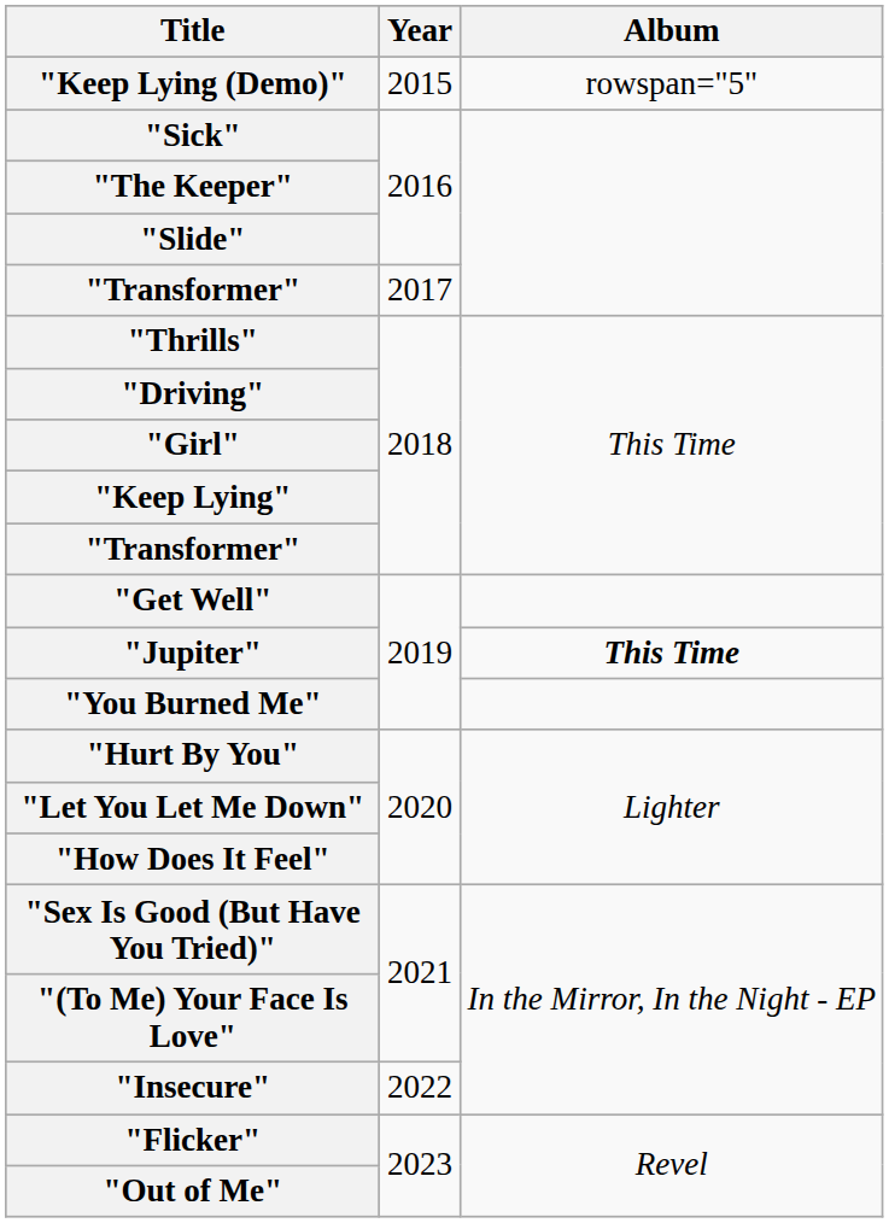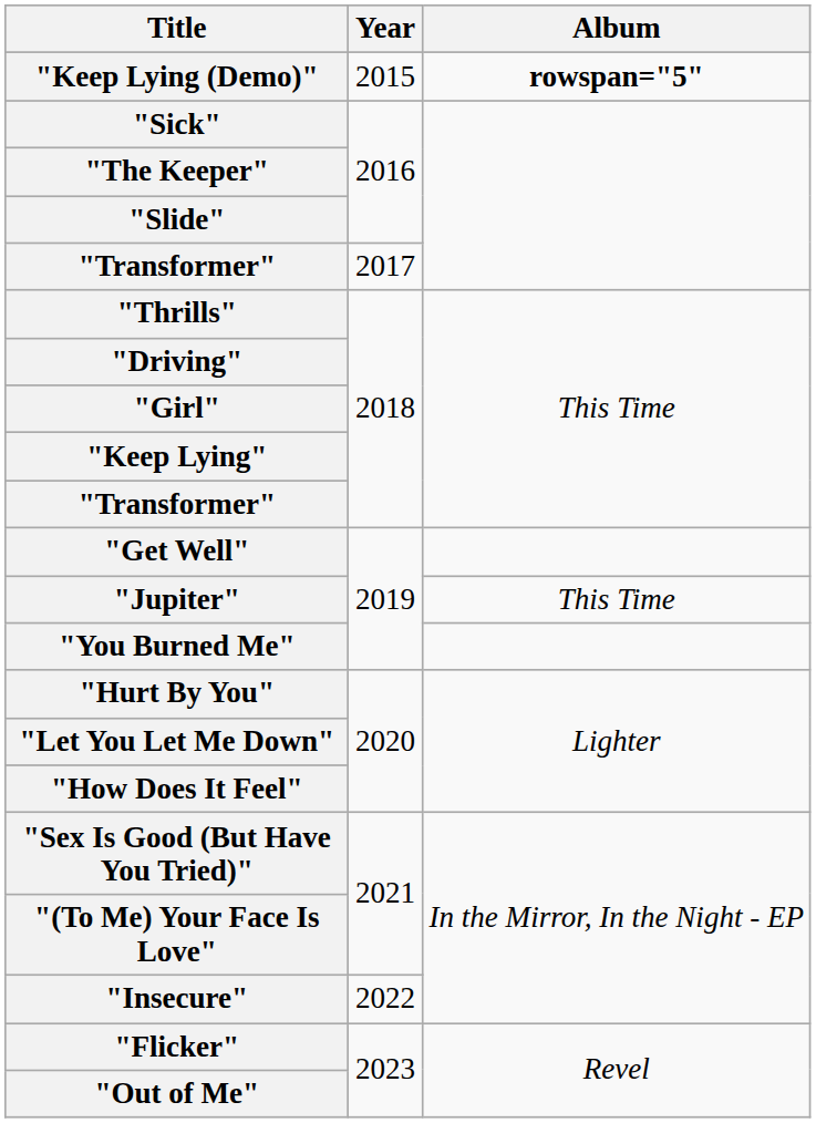 <table class="wikitable plainrowheaders" style="text-align:center;">
 <tr>
 <th scope="col" style="width:11em;">Title</th>
 <th scope="col" style="width:1em;">Year</th>
 <th scope="col">Album</th>
 </tr>
 <tr>
 <th scope="row">"Keep Lying (Demo)"</th>
 <td>2015</td>
-<td>rowspan="5" </td>
+<td><strong>rowspan="5" </strong></td>
 </tr>
 <tr>
 <th scope="row">"Sick"</th>
 <td rowspan="3">2016</td>
 </tr>
 <tr>
 <th scope="row">"The Keeper"</th>
 </tr>
 <tr>
 <th scope="row">"Slide"</th>
 </tr>
 <tr>
 <th scope="row">"Transformer"</th>
 <td>2017</td>
 </tr>
 <tr>
 <th scope="row">"Thrills"</th>
 <td rowspan="5">2018</td>
 <td rowspan="5"><em>This Time</em></td>
 </tr>
 <tr>
 <th scope="row">"Driving"</th>
 </tr>
 <tr>
 <th scope="row">"Girl"</th>
 </tr>
 <tr>
 <th scope="row">"Keep Lying"</th>
 </tr>
 <tr>
 <th scope="row">"Transformer"</th>
 </tr>
 <tr>
 <th scope="row">"Get Well"</th>
 <td rowspan="3">2019</td>
 <td></td>
 </tr>
 <tr>
 <th scope="row">"Jupiter"</th>
-<td><strong><em>This Time</em></strong></td>
+<td><em>This Time</em></td>
 </tr>
 <tr>
 <th scope="row">"You Burned Me"</th>
 <td></td>
 </tr>
 <tr>
 <th scope="row">"Hurt By You"</th>
 <td rowspan="3">2020</td>
 <td rowspan="3"><em>Lighter</em></td>
 </tr>
 <tr>
 <th scope="row">"Let You Let Me Down"</th>
 </tr>
 <tr>
 <th scope="row">"How Does It Feel"</th>
 </tr>
 <tr>
 <th scope="row">"Sex Is Good (But Have You Tried)"</th>
 <td rowspan="2">2021</td>
 <td rowspan="3"><em>In the Mirror, In the Night - EP</em></td>
 </tr>
 <tr>
 <th scope="row">"(To Me) Your Face Is Love"</th>
 </tr>
 <tr>
 <th scope="row">"Insecure"</th>
 <td>2022</td>
 </tr>
 <tr>
 <th scope="row">"Flicker"</th>
 <td rowspan="2">2023</td>
 <td rowspan="2"><em>Revel</em></td>
 </tr>
 <tr>
 <th scope="row">"Out of Me"</th>
 </tr>
 </table>
